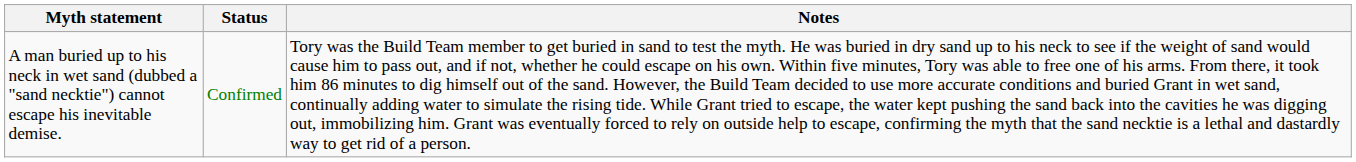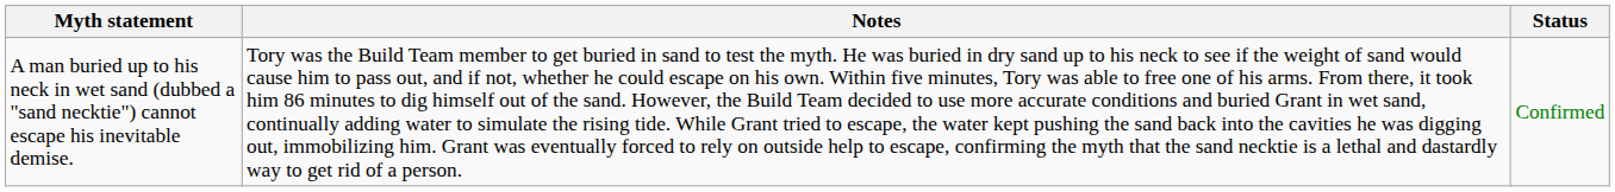 <table class="wikitable plainrowheaders">
 <tr>
 <th>Myth statement</th>
+<th>Notes</th>
 <th>Status</th>
-<th>Notes</th>
 </tr>
 <tr>
 <td>A man buried up to his neck in wet sand (dubbed a "sand necktie") cannot escape his inevitable demise.</td>
+<td>Tory was the Build Team member to get buried in sand to test the myth. He was buried in dry sand up to his neck to see if the weight of sand would cause him to pass out, and if not, whether he could escape on his own. Within five minutes, Tory was able to free one of his arms. From there, it took him 86 minutes to dig himself out of the sand. However, the Build Team decided to use more accurate conditions and buried Grant in wet sand, continually adding water to simulate the rising tide. While Grant tried to escape, the water kept pushing the sand back into the cavities he was digging out, immobilizing him. Grant was eventually forced to rely on outside help to escape, confirming the myth that the sand necktie is a lethal and dastardly way to get rid of a person.</td>
 <td style="color:green">Confirmed</td>
-<td>Tory was the Build Team member to get buried in sand to test the myth. He was buried in dry sand up to his neck to see if the weight of sand would cause him to pass out, and if not, whether he could escape on his own. Within five minutes, Tory was able to free one of his arms. From there, it took him 86 minutes to dig himself out of the sand. However, the Build Team decided to use more accurate conditions and buried Grant in wet sand, continually adding water to simulate the rising tide. While Grant tried to escape, the water kept pushing the sand back into the cavities he was digging out, immobilizing him. Grant was eventually forced to rely on outside help to escape, confirming the myth that the sand necktie is a lethal and dastardly way to get rid of a person.</td>
 </tr>
 </table>
